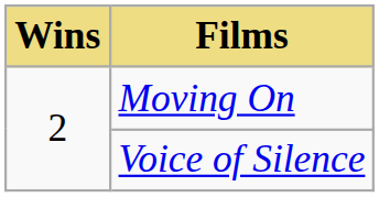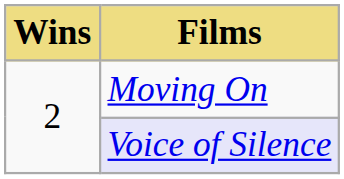 <table class="wikitable">
 <tr>
 <th style="background:#EEDD82; text-align:center">Wins</th>
 <th style="background:#EEDD82; text-align:center">Films</th>
 </tr>
 <tr>
 <td rowspan="2" style="text-align:center">2</td>
 <td><em><a href='#'>Moving On</a></em></td>
 </tr>
 <tr>
-<td><em><a href='#'>Voice of Silence</a></em></td>
+<td style="background: lavender;"><em><a href='#'>Voice of Silence</a></em></td>
 </tr>
 </table>
